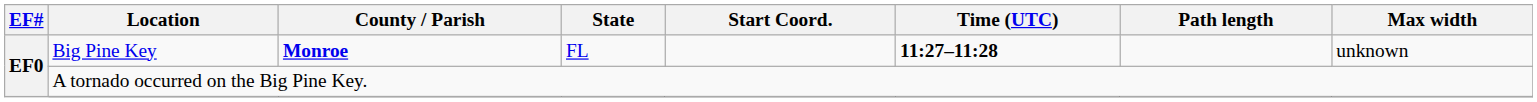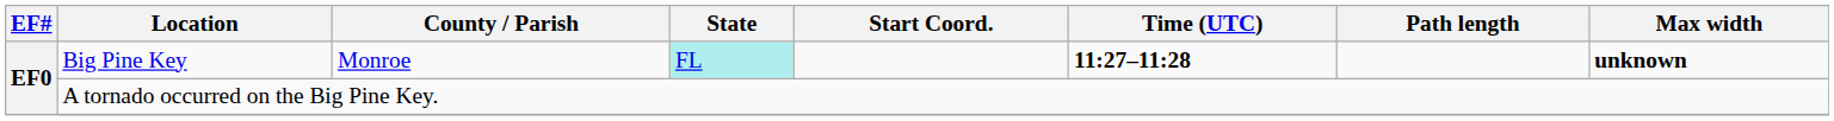 <table class="wikitable sortable" style="width:100%;">
 <tr>
 <th scope="col" width="2%" align="center"><a href='#'>EF#</a></th>
 <th scope="col" align="center" class="unsortable">Location</th>
 <th scope="col" align="center" class="unsortable">County / Parish</th>
 <th scope="col" align="center">State</th>
 <th scope="col" align="center">Start Coord.</th>
 <th scope="col" align="center">Time (<a href='#'>UTC</a>)</th>
 <th scope="col" align="center">Path length</th>
 <th scope="col" align="center">Max width</th>
 </tr>
 <tr>
 <th scope="row" rowspan="2" style="background-color:#">EF0</th>
 <td><a href='#'>Big Pine Key</a></td>
-<td><strong><a href='#'>Monroe</a></strong></td>
-<td><a href='#'>FL</a></td>
+<td><a href='#'>Monroe</a></td>
+<td style="background: paleturquoise;"><a href='#'>FL</a></td>
 <td></td>
 <td><strong>11:27–11:28</strong></td>
 <td></td>
-<td>unknown</td>
+<td><strong>unknown</strong></td>
 </tr>
 <tr class="expand-child">
 <td colspan="8" style=" border-bottom: 1px solid black;">A tornado occurred on the Big Pine Key.</td>
 </tr>
 <tr>
 </tr>
 </table>
